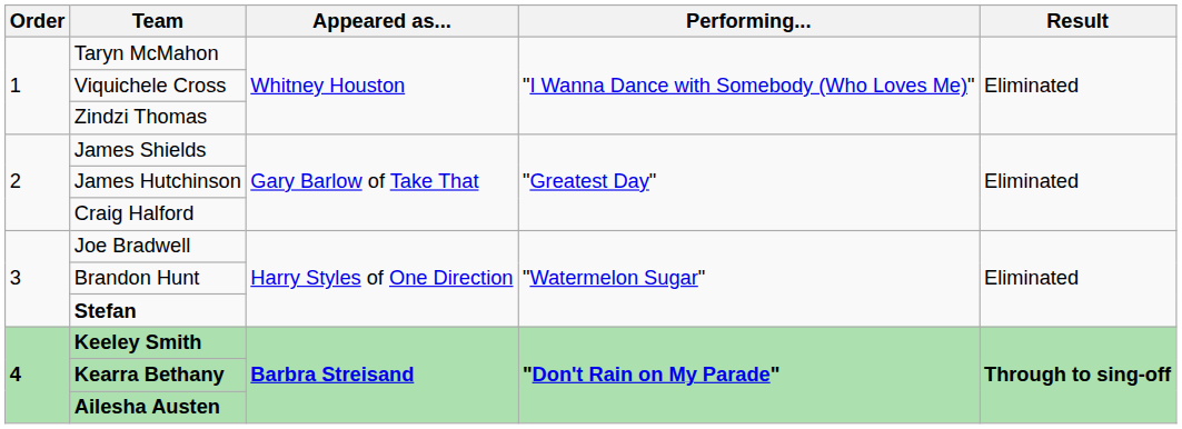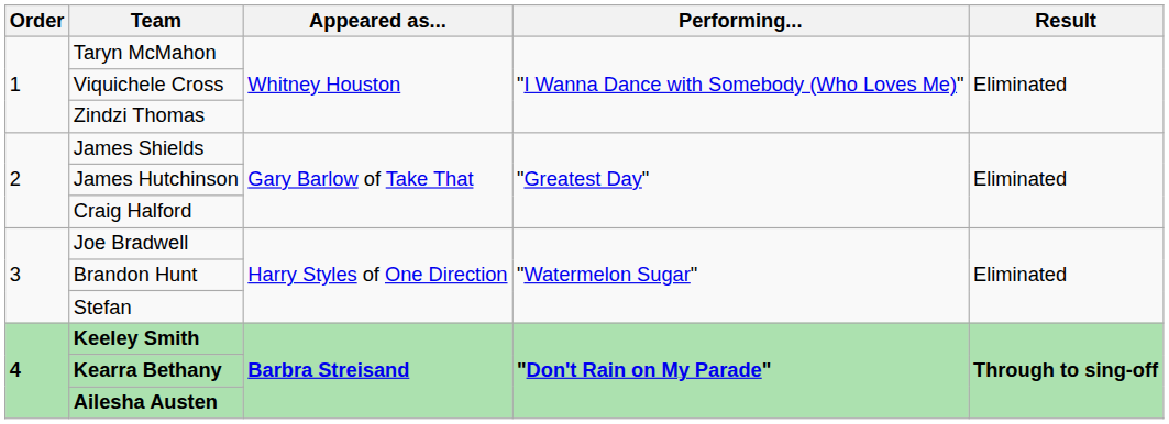 <table class="wikitable">
 <tr>
 <th>Order</th>
 <th>Team</th>
 <th>Appeared as...</th>
 <th>Performing...</th>
 <th>Result</th>
 </tr>
 <tr>
 <td rowspan="3">1</td>
 <td>Taryn McMahon</td>
 <td rowspan="3"><a href='#'>Whitney Houston</a></td>
 <td rowspan="3">"<a href='#'>I Wanna Dance with Somebody (Who Loves Me)</a>"</td>
 <td rowspan="3">Eliminated</td>
 </tr>
 <tr>
 <td>Viquichele Cross</td>
 </tr>
 <tr>
 <td>Zindzi Thomas</td>
 </tr>
 <tr>
 <td rowspan="3">2</td>
 <td>James Shields</td>
 <td rowspan="3"><a href='#'>Gary Barlow</a> of <a href='#'>Take That</a></td>
 <td rowspan="3">"<a href='#'>Greatest Day</a>"</td>
 <td rowspan="3">Eliminated</td>
 </tr>
 <tr>
 <td>James Hutchinson</td>
 </tr>
 <tr>
 <td>Craig Halford</td>
 </tr>
 <tr>
 <td rowspan="3">3</td>
 <td>Joe Bradwell</td>
 <td rowspan="3"><a href='#'>Harry Styles</a> of <a href='#'>One Direction</a></td>
 <td rowspan="3">"<a href='#'>Watermelon Sugar</a>"</td>
 <td rowspan="3">Eliminated</td>
 </tr>
 <tr>
 <td>Brandon Hunt</td>
 </tr>
 <tr>
-<td><strong>Stefan</strong></td>
+<td>Stefan</td>
 </tr>
 <tr style="background:#ACE1AF;">
 <td rowspan="3"><strong>4</strong></td>
 <td><strong>Keeley Smith</strong></td>
 <td rowspan="3"><strong><a href='#'>Barbra Streisand</a></strong></td>
 <td rowspan="3"><strong>"<a href='#'>Don't Rain on My Parade</a>"</strong></td>
 <td rowspan="3"><strong>Through to sing-off</strong></td>
 </tr>
 <tr>
 <td style="background:#ACE1AF;"><strong>Kearra Bethany</strong></td>
 </tr>
 <tr>
 <td style="background:#ACE1AF;"><strong>Ailesha Austen</strong></td>
 </tr>
 </table>
